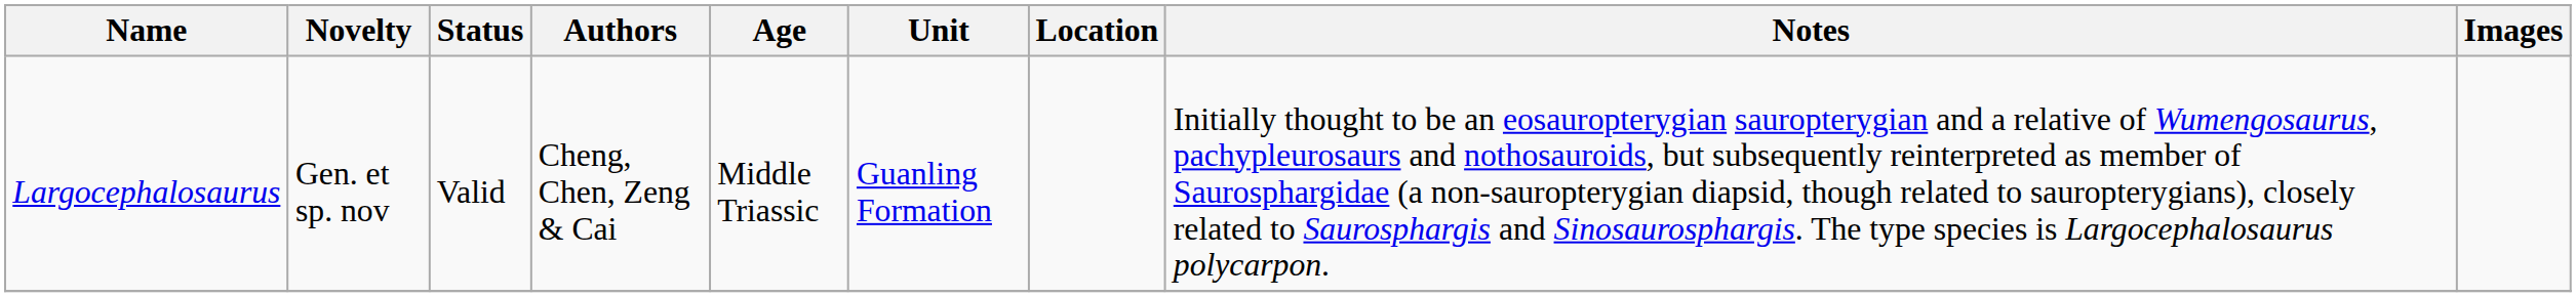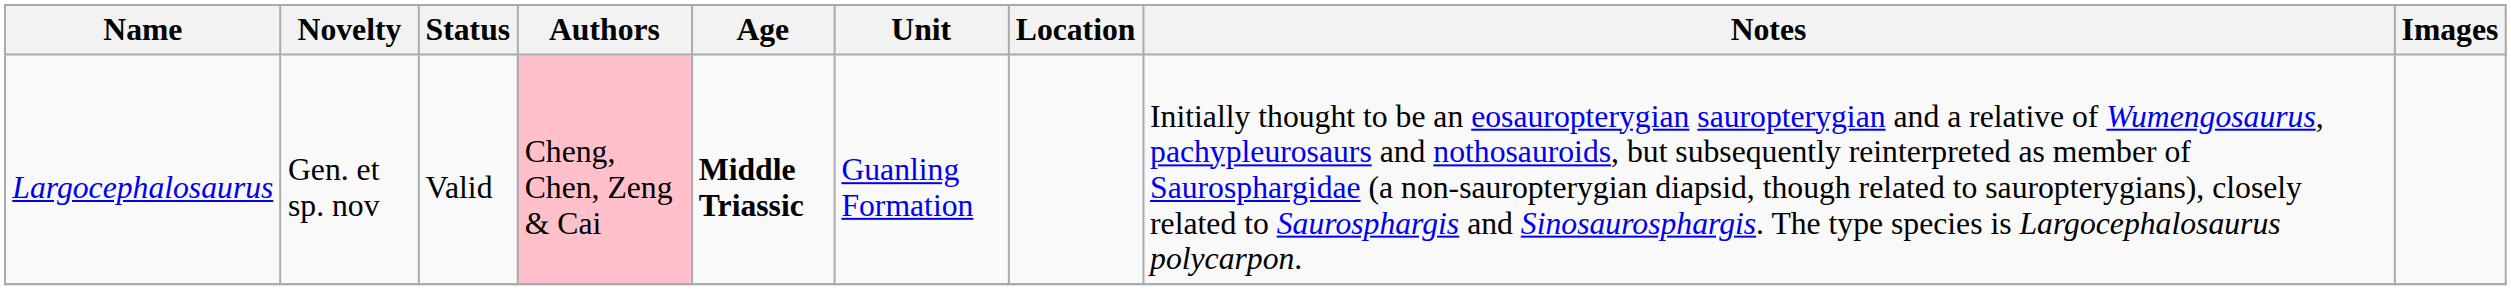 <table class="wikitable sortable" align="center" width="100%">
 <tr>
 <th>Name</th>
 <th>Novelty</th>
 <th>Status</th>
 <th>Authors</th>
 <th>Age</th>
 <th>Unit</th>
 <th>Location</th>
 <th>Notes</th>
 <th>Images</th>
 </tr>
 <tr>
 <td><br><em><a href='#'>Largocephalosaurus</a></em></td>
 <td><br>Gen. et sp. nov</td>
 <td><br>Valid</td>
-<td><br>Cheng, Chen, Zeng & Cai</td>
-<td><br>Middle Triassic</td>
+<td style="background: pink;"><br>Cheng, Chen, Zeng & Cai</td>
+<td><strong><br>Middle Triassic</strong></td>
 <td><br><a href='#'>Guanling Formation</a></td>
 <td><br></td>
 <td><br>Initially thought to be an <a href='#'>eosauropterygian</a> <a href='#'>sauropterygian</a> and a relative of <em><a href='#'>Wumengosaurus</a></em>, <a href='#'>pachypleurosaurs</a> and <a href='#'>nothosauroids</a>, but subsequently reinterpreted as member of <a href='#'>Saurosphargidae</a> (a non-sauropterygian diapsid, though related to sauropterygians), closely related to <em><a href='#'>Saurosphargis</a></em> and <em><a href='#'>Sinosaurosphargis</a></em>. The type species is <em>Largocephalosaurus polycarpon</em>.</td>
 <td></td>
 </tr>
 <tr>
 </tr>
 </table>
